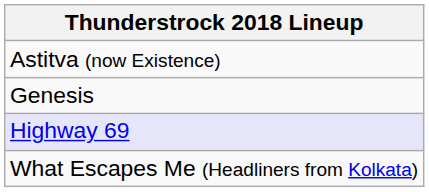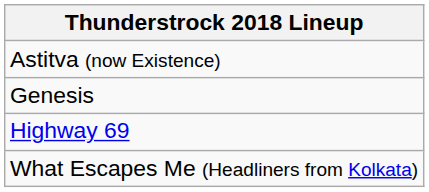 <table class="wikitable">
 <tr>
 <th>Thunderstrock 2018 Lineup</th>
 </tr>
 <tr>
 <td>Astitva <small>(now Existence)</small></td>
 </tr>
 <tr>
 <td>Genesis</td>
 </tr>
 <tr>
-<td style="background: lavender;"><a href='#'> Highway 69</a></td>
+<td><a href='#'> Highway 69</a></td>
 </tr>
 <tr>
 <td>What Escapes Me <small>(Headliners from <a href='#'>Kolkata</a>)</small></td>
 </tr>
 </table>
